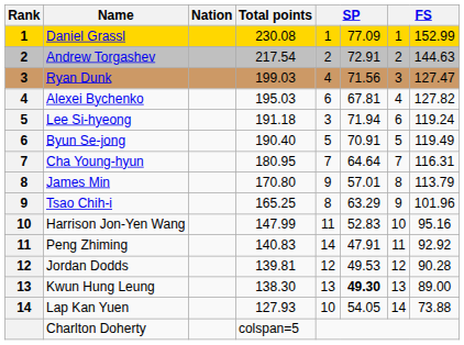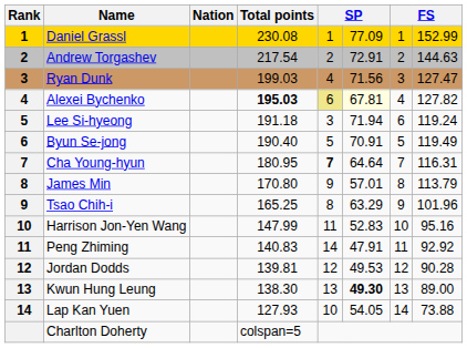 <table class="wikitable sortable">
 <tr>
 <th>Rank</th>
 <th>Name</th>
 <th>Nation</th>
 <th>Total points</th>
 <th colspan="2" width="80px"><a href='#'>SP</a></th>
 <th colspan="2" width="80px"><a href='#'>FS</a></th>
 </tr>
 <tr bgcolor="gold">
 <td align="center"><strong>1</strong></td>
 <td><a href='#'>Daniel Grassl</a></td>
 <td></td>
 <td align="center">230.08</td>
 <td align="center">1</td>
 <td align="center">77.09</td>
 <td align="center">1</td>
 <td align="center">152.99</td>
 </tr>
 <tr bgcolor="silver">
 <td align="center"><strong>2</strong></td>
 <td><a href='#'>Andrew Torgashev</a></td>
 <td></td>
 <td align="center">217.54</td>
 <td align="center">2</td>
 <td align="center">72.91</td>
 <td align="center">2</td>
 <td align="center">144.63</td>
 </tr>
 <tr bgcolor="cc9966">
 <td align="center"><strong>3</strong></td>
 <td><a href='#'>Ryan Dunk</a></td>
 <td></td>
 <td align="center">199.03</td>
 <td align="center">4</td>
 <td align="center">71.56</td>
 <td align="center">3</td>
 <td align="center">127.47</td>
 </tr>
 <tr>
 <th>4</th>
 <td><a href='#'>Alexei Bychenko</a></td>
 <td></td>
-<td align="center">195.03</td>
-<td align="center">6</td>
-<td align="center">67.81</td>
+<td align="center"><strong>195.03</strong></td>
+<td align="center" style="background: khaki;">6</td>
+<td align="center" style="background: lightyellow;">67.81</td>
 <td align="center">4</td>
 <td align="center">127.82</td>
 </tr>
 <tr>
 <th>5</th>
 <td><a href='#'>Lee Si-hyeong</a></td>
 <td></td>
 <td align="center">191.18</td>
 <td align="center">3</td>
 <td align="center">71.94</td>
 <td align="center">6</td>
 <td align="center">119.24</td>
 </tr>
 <tr>
 <th>6</th>
 <td><a href='#'>Byun Se-jong</a></td>
 <td></td>
 <td align="center">190.40</td>
 <td align="center">5</td>
 <td align="center">70.91</td>
 <td align="center">5</td>
 <td align="center">119.49</td>
 </tr>
 <tr>
 <th>7</th>
 <td><a href='#'>Cha Young-hyun</a></td>
 <td></td>
 <td align="center">180.95</td>
-<td align="center">7</td>
+<td align="center"><strong>7</strong></td>
 <td align="center">64.64</td>
 <td align="center">7</td>
 <td align="center">116.31</td>
 </tr>
 <tr>
 <th>8</th>
 <td><a href='#'>James Min</a></td>
 <td></td>
 <td align="center">170.80</td>
 <td align="center">9</td>
 <td align="center">57.01</td>
 <td align="center">8</td>
 <td align="center">113.79</td>
 </tr>
 <tr>
 <th>9</th>
 <td><a href='#'>Tsao Chih-i</a></td>
 <td></td>
 <td align="center">165.25</td>
 <td align="center">8</td>
 <td align="center">63.29</td>
 <td align="center">9</td>
 <td align="center">101.96</td>
 </tr>
 <tr>
 <th>10</th>
 <td>Harrison Jon-Yen Wang</td>
 <td></td>
 <td align="center">147.99</td>
 <td align="center">11</td>
 <td align="center">52.83</td>
 <td align="center">10</td>
 <td align="center">95.16</td>
 </tr>
 <tr>
 <th>11</th>
 <td>Peng Zhiming</td>
 <td></td>
 <td align="center">140.83</td>
 <td align="center">14</td>
 <td align="center">47.91</td>
 <td align="center">11</td>
 <td align="center">92.92</td>
 </tr>
 <tr>
 <th>12</th>
 <td>Jordan Dodds</td>
 <td></td>
 <td align="center">139.81</td>
 <td align="center">12</td>
 <td align="center">49.53</td>
 <td align="center">12</td>
 <td align="center">90.28</td>
 </tr>
 <tr>
 <th>13</th>
 <td>Kwun Hung Leung</td>
 <td></td>
 <td align="center">138.30</td>
 <td align="center">13</td>
 <td align="center"><strong>49.30</strong></td>
 <td align="center">13</td>
 <td align="center">89.00</td>
 </tr>
 <tr>
 <th>14</th>
 <td>Lap Kan Yuen</td>
 <td></td>
 <td align="center">127.93</td>
 <td align="center">10</td>
 <td align="center">54.05</td>
 <td align="center">14</td>
 <td align="center">73.88</td>
 </tr>
 <tr>
 <th></th>
 <td>Charlton Doherty</td>
 <td></td>
 <td>colspan=5 </td>
 </tr>
 </table>
